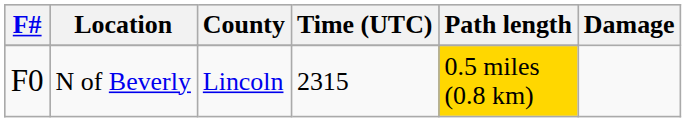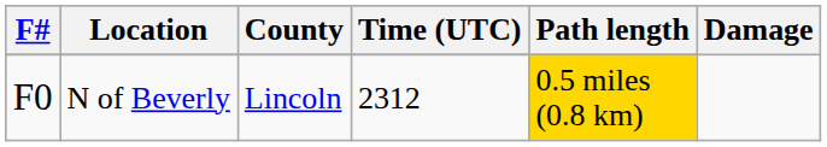 <table class="wikitable">
 <tr>
 <th scope="col"><strong><a href='#'>F#</a></strong></th>
 <th scope="col"><strong>Location</strong></th>
 <th scope="col"><strong>County</strong></th>
 <th scope="col"><strong>Time (UTC)</strong></th>
 <th scope="col"><strong>Path length</strong></th>
 <th scope="col"><strong>Damage</strong></th>
 </tr>
 <tr>
 </tr>
 <tr>
 <td><big>F0</big></td>
 <td>N of <a href='#'>Beverly</a></td>
 <td><a href='#'>Lincoln</a></td>
-<td>2315</td>
+<td>2312</td>
 <td style="background: gold;">0.5 miles <br>(0.8 km)</td>
 </tr>
 </table>
